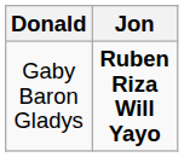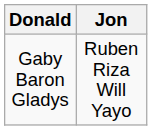 <table class="wikitable" style="font-size:90%; text-align:center">
 <tr>
 <th style="width: 50%;">Donald</th>
 <th style="width: 50%;">Jon</th>
 </tr>
 <tr>
 <td>Gaby<br>Baron<br>Gladys</td>
-<td><strong>Ruben<br>Riza<br>Will<br>Yayo<br></strong></td>
+<td>Ruben<br>Riza<br>Will<br>Yayo<br></td>
 </tr>
 </table>
